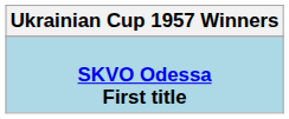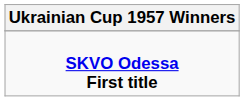 <table class="wikitable" style="text-align: center; margin: 0 auto;">
 <tr>
 <th>Ukrainian Cup 1957 Winners</th>
 </tr>
 <tr>
 </tr>
 <tr>
-<td style="background: lightblue;"><br><strong><a href='#'>SKVO Odessa</a></strong><br><strong>First title</strong></td>
+<td><br><strong><a href='#'>SKVO Odessa</a></strong><br><strong>First title</strong></td>
 </tr>
 </table>
